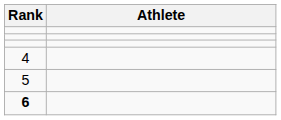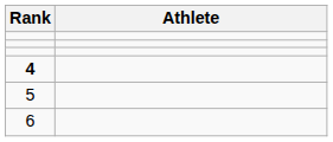 <table class=wikitable style="text-align:center">
 <tr>
 <th width=40>Rank</th>
 <th width=250>Athlete</th>
 </tr>
 <tr>
 <td></td>
 <td align=left></td>
 </tr>
 <tr>
 <td></td>
 <td align=left></td>
 </tr>
 <tr>
 <td></td>
 <td align=left></td>
 </tr>
 <tr>
-<td>4</td>
+<td><strong>4</strong></td>
 <td align=left></td>
 </tr>
 <tr>
 <td>5</td>
 <td align=left></td>
 </tr>
 <tr>
-<td><strong>6</strong></td>
+<td>6</td>
 <td align=left></td>
 </tr>
 </table>
